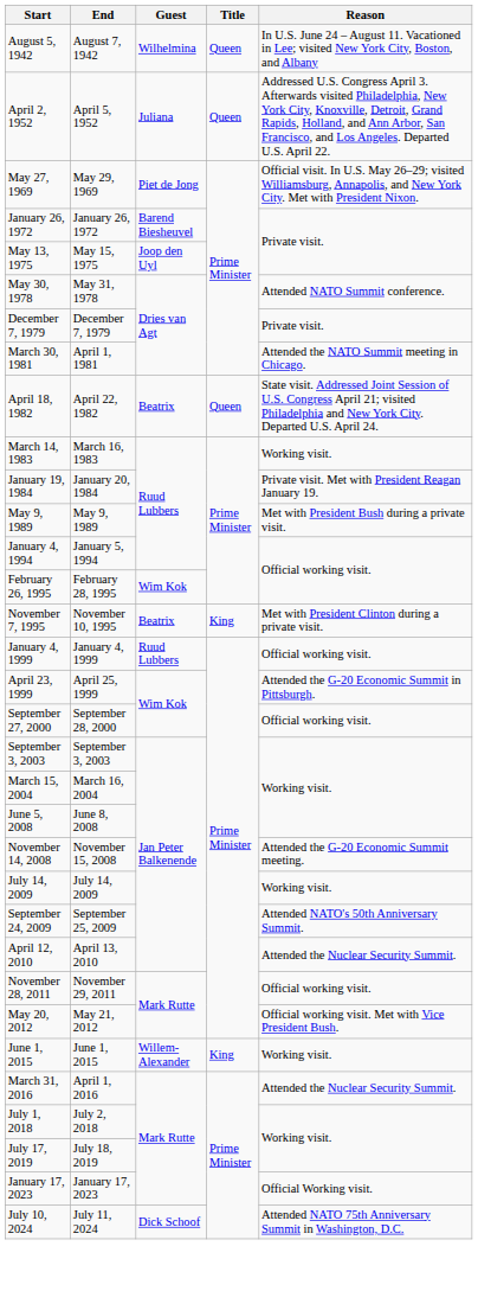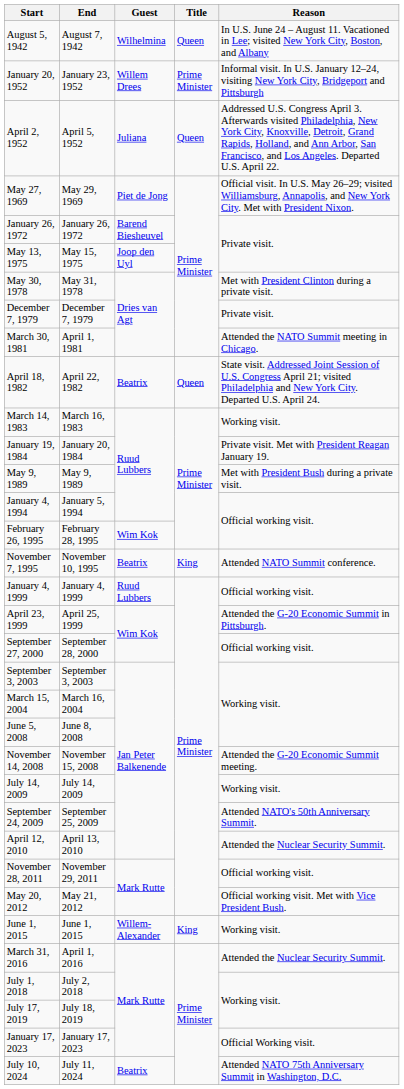 <table class="wikitable sortable">
 <tr>
 <th>Start</th>
 <th>End</th>
 <th>Guest</th>
 <th>Title</th>
 <th>Reason</th>
 </tr>
 <tr>
 <td>August 5, 1942</td>
 <td>August 7, 1942</td>
 <td><a href='#'>Wilhelmina</a></td>
 <td><a href='#'>Queen</a></td>
 <td>In U.S. June 24 – August 11. Vacationed in <a href='#'>Lee</a>; visited <a href='#'>New York City</a>, <a href='#'>Boston</a>, and <a href='#'>Albany</a></td>
+</tr>
+<tr>
+<td>January 20, 1952</td>
+<td>January 23, 1952</td>
+<td><a href='#'>Willem Drees</a></td>
+<td><a href='#'>Prime Minister</a></td>
+<td>Informal visit. In U.S. January 12–24, visiting <a href='#'>New York City</a>, <a href='#'>Bridgeport</a> and <a href='#'>Pittsburgh</a></td>
 </tr>
 <tr>
 <td>April 2, 1952</td>
 <td>April 5, 1952</td>
 <td><a href='#'>Juliana</a></td>
 <td><a href='#'>Queen</a></td>
 <td>Addressed U.S. Congress April 3. Afterwards visited <a href='#'>Philadelphia</a>, <a href='#'>New York City</a>, <a href='#'>Knoxville</a>, <a href='#'>Detroit</a>, <a href='#'>Grand Rapids</a>, <a href='#'>Holland</a>, and <a href='#'>Ann Arbor</a>, <a href='#'>San Francisco</a>, and <a href='#'>Los Angeles</a>. Departed U.S. April 22.</td>
 </tr>
 <tr>
 <td>May 27, 1969</td>
 <td>May 29, 1969</td>
 <td><a href='#'>Piet de Jong</a></td>
 <td rowspan="6"><a href='#'>Prime Minister</a></td>
 <td>Official visit. In U.S. May 26–29; visited <a href='#'>Williamsburg</a>, <a href='#'>Annapolis</a>, and <a href='#'>New York City</a>. Met with <a href='#'>President Nixon</a>.</td>
 </tr>
 <tr>
 <td>January 26, 1972</td>
 <td>January 26, 1972</td>
 <td><a href='#'>Barend Biesheuvel</a></td>
 <td rowspan=2>Private visit.</td>
 </tr>
 <tr>
 <td>May 13, 1975</td>
 <td>May 15, 1975</td>
 <td><a href='#'>Joop den Uyl</a></td>
 </tr>
 <tr>
 <td>May 30, 1978</td>
 <td>May 31, 1978</td>
 <td rowspan=3><a href='#'>Dries van Agt</a></td>
-<td>Attended <a href='#'>NATO Summit</a> conference.</td>
+<td>Met with <a href='#'>President Clinton</a> during a private visit.</td>
 </tr>
 <tr>
 <td>December 7, 1979</td>
 <td>December 7, 1979</td>
 <td>Private visit.</td>
 </tr>
 <tr>
 <td>March 30, 1981</td>
 <td>April 1, 1981</td>
 <td>Attended the <a href='#'>NATO Summit</a> meeting in <a href='#'>Chicago</a>.</td>
 </tr>
 <tr>
 <td>April 18, 1982</td>
 <td>April 22, 1982</td>
 <td><a href='#'>Beatrix</a></td>
 <td><a href='#'>Queen</a></td>
 <td>State visit. <a href='#'>Addressed Joint Session of U.S. Congress</a> April 21; visited <a href='#'>Philadelphia</a> and <a href='#'>New York City</a>. Departed U.S. April 24.</td>
 </tr>
 <tr>
 <td>March 14, 1983</td>
 <td>March 16, 1983</td>
 <td rowspan=4><a href='#'>Ruud Lubbers</a></td>
 <td rowspan="5"><a href='#'>Prime Minister</a></td>
 <td>Working visit.</td>
 </tr>
 <tr>
 <td>January 19, 1984</td>
 <td>January 20, 1984</td>
 <td>Private visit. Met with <a href='#'>President Reagan</a> January 19.</td>
 </tr>
 <tr>
 <td>May 9, 1989</td>
 <td>May 9, 1989</td>
 <td>Met with <a href='#'>President Bush</a> during a private visit.</td>
 </tr>
 <tr>
 <td>January 4, 1994</td>
 <td>January 5, 1994</td>
 <td rowspan=2>Official working visit.</td>
 </tr>
 <tr>
 <td>February 26, 1995</td>
 <td>February 28, 1995</td>
 <td><a href='#'>Wim Kok</a></td>
 </tr>
 <tr>
 <td>November 7, 1995</td>
 <td>November 10, 1995</td>
 <td><a href='#'>Beatrix</a></td>
 <td><a href='#'>King</a></td>
-<td>Met with <a href='#'>President Clinton</a> during a private visit.</td>
+<td>Attended <a href='#'>NATO Summit</a> conference.</td>
 </tr>
 <tr>
 <td>January 4, 1999</td>
 <td>January 4, 1999</td>
 <td><a href='#'>Ruud Lubbers</a></td>
 <td rowspan="12"><a href='#'>Prime Minister</a></td>
 <td>Official working visit.</td>
 </tr>
 <tr>
 <td>April 23, 1999</td>
 <td>April 25, 1999</td>
 <td rowspan=2><a href='#'>Wim Kok</a></td>
 <td>Attended the <a href='#'>G-20 Economic Summit</a> in <a href='#'>Pittsburgh</a>.</td>
 </tr>
 <tr>
 <td>September 27, 2000</td>
 <td>September 28, 2000</td>
 <td>Official working visit.</td>
 </tr>
 <tr>
 <td>September 3, 2003</td>
 <td>September 3, 2003</td>
 <td rowspan=7><a href='#'>Jan Peter Balkenende</a></td>
 <td rowspan=3>Working visit.</td>
 </tr>
 <tr>
 <td>March 15, 2004</td>
 <td>March 16, 2004</td>
 </tr>
 <tr>
 <td>June 5, 2008</td>
 <td>June 8, 2008</td>
 </tr>
 <tr>
 <td>November 14, 2008</td>
 <td>November 15, 2008</td>
 <td>Attended the <a href='#'>G-20 Economic Summit</a> meeting.</td>
 </tr>
 <tr>
 <td>July 14, 2009</td>
 <td>July 14, 2009</td>
 <td>Working visit.</td>
 </tr>
 <tr>
 <td>September 24, 2009</td>
 <td>September 25, 2009</td>
 <td>Attended <a href='#'>NATO's 50th Anniversary Summit</a>.</td>
 </tr>
 <tr>
 <td>April 12, 2010</td>
 <td>April 13, 2010</td>
 <td>Attended the <a href='#'>Nuclear Security Summit</a>.</td>
 </tr>
 <tr>
 <td>November 28, 2011</td>
 <td>November 29, 2011</td>
 <td rowspan=2><a href='#'>Mark Rutte</a></td>
 <td>Official working visit.</td>
 </tr>
 <tr>
 <td>May 20, 2012</td>
 <td>May 21, 2012</td>
 <td>Official working visit. Met with <a href='#'>Vice President Bush</a>.</td>
 </tr>
 <tr>
 <td>June 1, 2015</td>
 <td>June 1, 2015</td>
 <td><a href='#'>Willem-Alexander</a></td>
 <td><a href='#'>King</a></td>
 <td>Working visit.</td>
 </tr>
 <tr>
 <td>March 31, 2016</td>
 <td>April 1, 2016</td>
 <td rowspan=4><a href='#'>Mark Rutte</a></td>
 <td rowspan=5><a href='#'>Prime Minister</a></td>
 <td>Attended the <a href='#'>Nuclear Security Summit</a>.</td>
 </tr>
 <tr>
 <td>July 1, 2018</td>
 <td>July 2, 2018</td>
 <td rowspan=2>Working visit.</td>
 </tr>
 <tr>
 <td>July 17, 2019</td>
 <td>July 18, 2019</td>
 </tr>
 <tr>
 <td>January 17, 2023</td>
 <td>January 17, 2023</td>
 <td>Official Working visit.</td>
 </tr>
 <tr>
 <td>July 10, 2024</td>
 <td>July 11, 2024</td>
-<td><a href='#'>Dick Schoof</a></td>
+<td><a href='#'>Beatrix</a></td>
 <td>Attended <a href='#'>NATO 75th Anniversary Summit</a> in <a href='#'>Washington, D.C.</a></td>
 </tr>
 </table>
